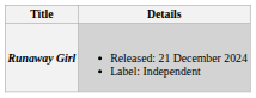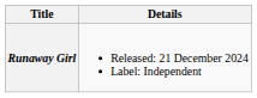 <table class="wikitable plainrowheaders">
 <tr>
 <th>Title</th>
 <th>Details</th>
 </tr>
 <tr>
 <th scope="row"><em>Runaway Girl</em></th>
-<td style="background: lightgrey;"><br><ul><li>Released: 21 December 2024</li><li>Label: Independent</li></ul></td>
+<td><br><ul><li>Released: 21 December 2024</li><li>Label: Independent</li></ul></td>
 </tr>
 </table>
